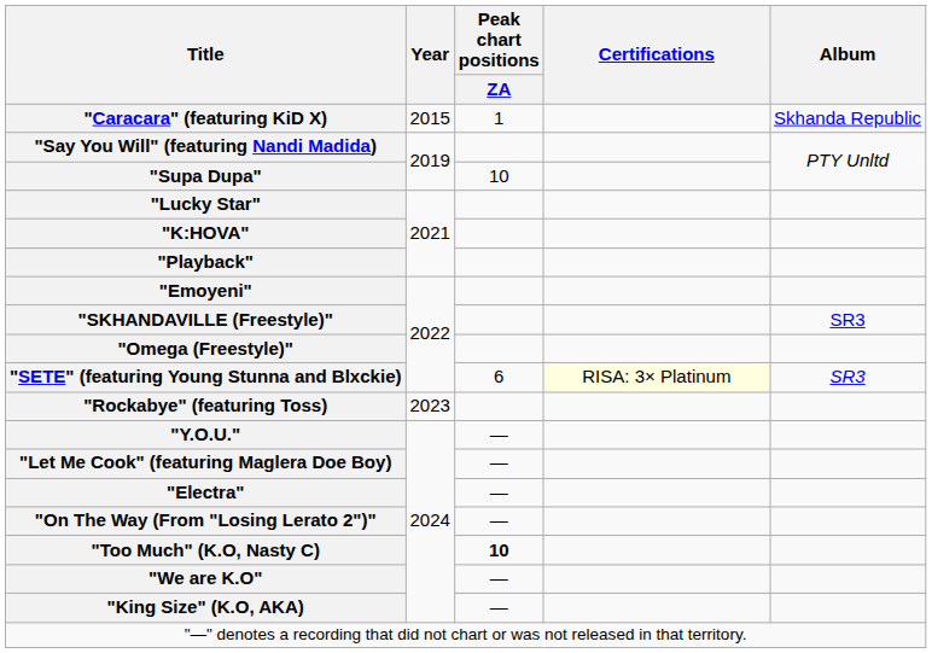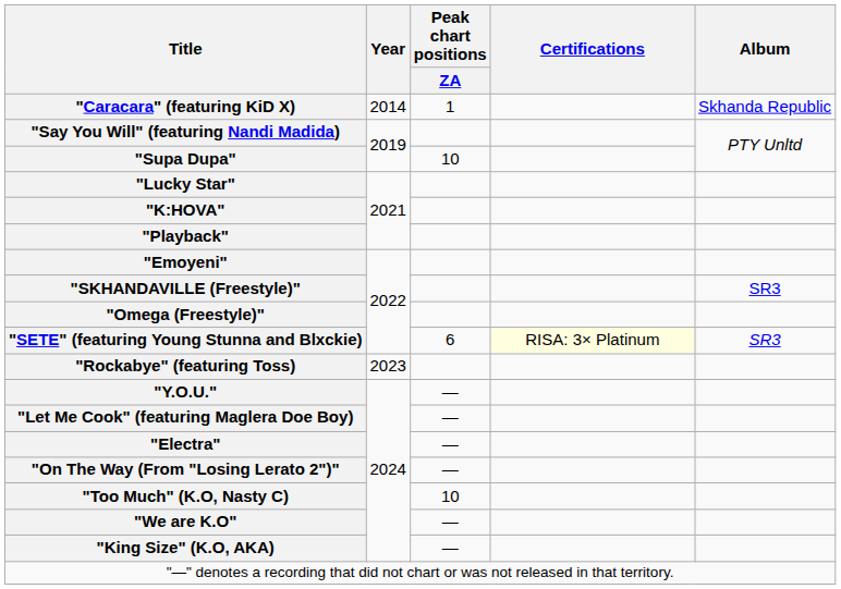 <table class="wikitable plainrowheaders" style="text-align:center;">
 <tr>
 <th scope="col" rowspan="2">Title</th>
 <th scope="col" rowspan="2">Year</th>
 <th scope="col" colspan="1">Peak chart positions</th>
 <th scope="col" rowspan="2" style="width:12em;"><a href='#'>Certifications</a></th>
 <th scope="col" rowspan="2">Album</th>
 </tr>
 <tr>
 <th scope="col" style="width:3em;font-size:100%;"><a href='#'>ZA</a></th>
 </tr>
 <tr>
 <th scope="row">"<a href='#'>Caracara</a>" (featuring KiD X)</th>
-<td>2015</td>
+<td>2014</td>
 <td>1</td>
 <td></td>
 <td><a href='#'>Skhanda Republic</a></td>
 </tr>
 <tr>
 <th scope="row">"Say You Will" (featuring <a href='#'>Nandi Madida</a>)</th>
 <td rowspan="2">2019</td>
 <td></td>
 <td></td>
 <td rowspan="2"><em>PTY Unltd</em></td>
 </tr>
 <tr>
 <th scope=row>"Supa Dupa"</th>
 <td>10</td>
 <td></td>
 </tr>
 <tr>
 <th scope="row">"Lucky Star"</th>
 <td rowspan="3">2021</td>
 <td></td>
 <td></td>
 <td></td>
 </tr>
 <tr>
 <th scope="row">"K:HOVA"</th>
 <td></td>
 <td></td>
 <td></td>
 </tr>
 <tr>
 <th scope="row">"Playback"</th>
 <td></td>
 <td></td>
 <td></td>
 </tr>
 <tr>
 <th scope="row">"Emoyeni"</th>
 <td rowspan="4">2022</td>
 <td></td>
 <td></td>
 <td></td>
 </tr>
 <tr>
 <th scope="row">"SKHANDAVILLE (Freestyle)"</th>
 <td></td>
 <td></td>
 <td><a href='#'>SR3</a></td>
 </tr>
 <tr>
 <th scope="row">"Omega (Freestyle)"</th>
 <td></td>
 <td></td>
 <td></td>
 </tr>
 <tr>
 <th scope="row">"<a href='#'>SETE</a>" (featuring Young Stunna and Blxckie)</th>
 <td>6</td>
 <td style="background: lightyellow;">RISA: 3× Platinum</td>
 <td><em><a href='#'>SR3</a></em></td>
 </tr>
 <tr>
 <th scope="row">"Rockabye" (featuring Toss)</th>
 <td>2023</td>
 <td></td>
 <td></td>
 <td></td>
 </tr>
 <tr>
 <th scope="row">"Y.O.U."</th>
 <td rowspan=7>2024</td>
 <td>—</td>
 <td></td>
 <td></td>
 </tr>
 <tr>
 <th scope="row">"Let Me Cook" (featuring Maglera Doe Boy)</th>
 <td>—</td>
 <td></td>
 <td></td>
 </tr>
 <tr>
 <th scope="row">"Electra"</th>
 <td>—</td>
 <td></td>
 <td></td>
 </tr>
 <tr>
 <th scope="row">"On The Way (From "Losing Lerato 2")"</th>
 <td>—</td>
 <td></td>
 <td></td>
 </tr>
 <tr>
 <th scope="row">"Too Much" (K.O, Nasty C)</th>
-<td><strong>10</strong></td>
+<td>10</td>
 <td></td>
 <td></td>
 </tr>
 <tr>
 <th scope="row">"We are K.O"</th>
 <td>—</td>
 <td></td>
 <td></td>
 </tr>
 <tr>
 <th scope="row">"King Size" (K.O, AKA)</th>
 <td>—</td>
 <td></td>
 <td></td>
 </tr>
 <tr>
 <td colspan="7" style="font-size:90%">"—" denotes a recording that did not chart or was not released in that territory.</td>
 </tr>
 </table>
